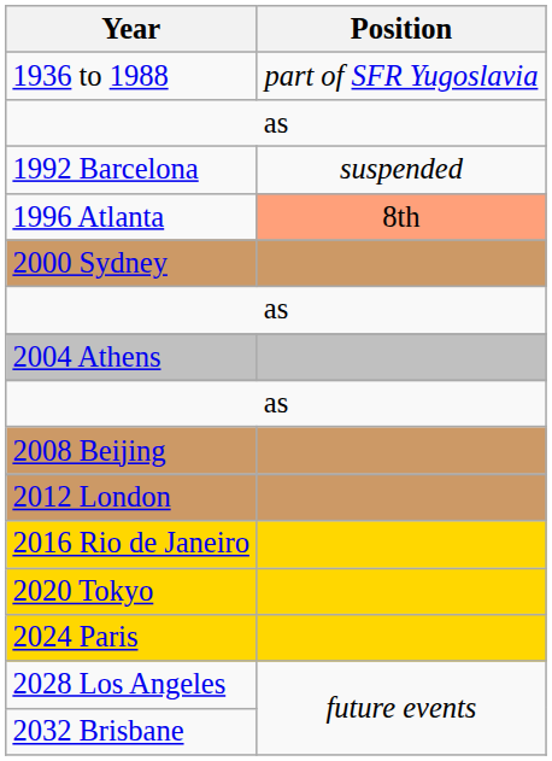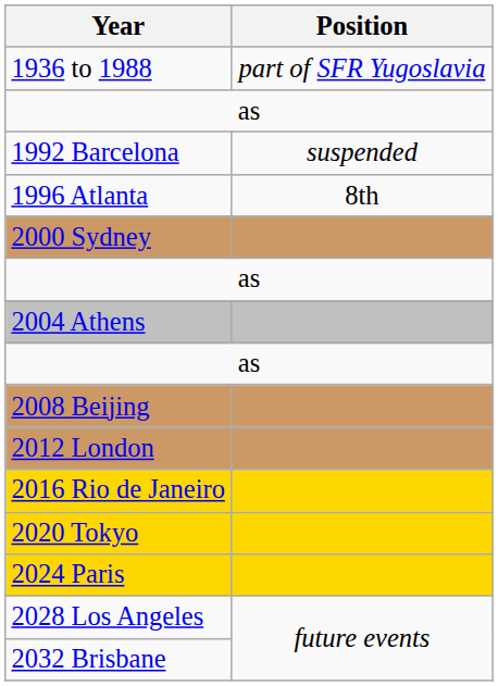 <table class="wikitable" style="text-align: center;">
 <tr>
 <th>Year</th>
 <th width="150">Position</th>
 </tr>
 <tr>
 <td style="text-align: left;"><a href='#'>1936</a> to <a href='#'>1988</a></td>
 <td colspan=4><em>part of <a href='#'>SFR Yugoslavia</a></em></td>
 </tr>
 <tr>
 <td colspan=5>as <strong></strong></td>
 </tr>
 <tr>
 <td style="text-align: left;"> <a href='#'>1992 Barcelona</a></td>
 <td><em>suspended</em></td>
 </tr>
 <tr>
 <td style="text-align: left;"> <a href='#'>1996 Atlanta</a></td>
-<td style="background: lightsalmon;">8th</td>
+<td>8th</td>
 </tr>
 <tr bgcolor=cc9966>
 <td style="text-align: left;"> <a href='#'>2000 Sydney</a></td>
 <td></td>
 </tr>
 <tr>
 <td colspan=5>as <strong></strong></td>
 </tr>
 <tr>
 </tr>
 <tr bgcolor=silver>
 <td style="text-align: left;"> <a href='#'>2004 Athens</a></td>
 <td></td>
 </tr>
 <tr bgcolor=cc9966>
 </tr>
 <tr>
 <td colspan=5>as <strong></strong></td>
 </tr>
 <tr bgcolor=cc9966>
 <td style="text-align: left;"> <a href='#'>2008 Beijing</a></td>
 <td></td>
 </tr>
 <tr>
 </tr>
 <tr bgcolor=cc9966>
 <td style="text-align: left;"> <a href='#'>2012 London</a></td>
 <td></td>
 </tr>
 <tr bgcolor=gold>
 <td style="text-align: left;"> <a href='#'>2016 Rio de Janeiro</a></td>
 <td></td>
 </tr>
 <tr bgcolor=gold>
 <td style="text-align: left;"> <a href='#'>2020 Tokyo</a></td>
 <td></td>
 </tr>
 <tr bgcolor=gold>
 <td style="text-align: left;"> <a href='#'>2024 Paris</a></td>
 <td></td>
 </tr>
 <tr>
 <td style="text-align: left;"> <a href='#'>2028 Los Angeles</a></td>
 <td rowspan=2><em>future events</em></td>
 </tr>
 <tr>
 <td style="text-align: left;"> <a href='#'>2032 Brisbane</a></td>
 </tr>
 </table>
